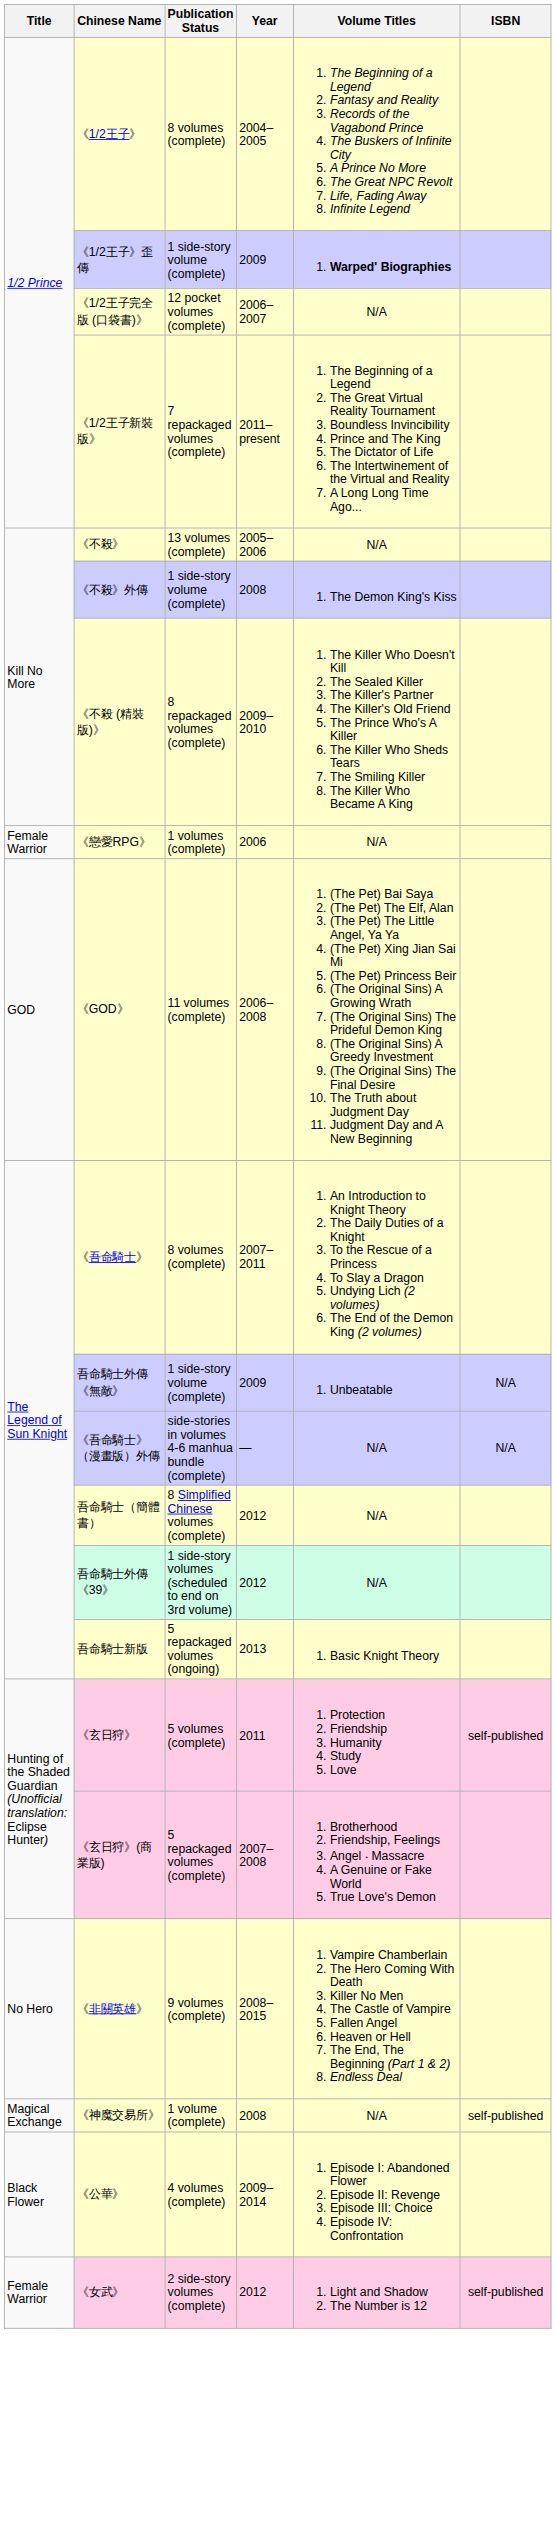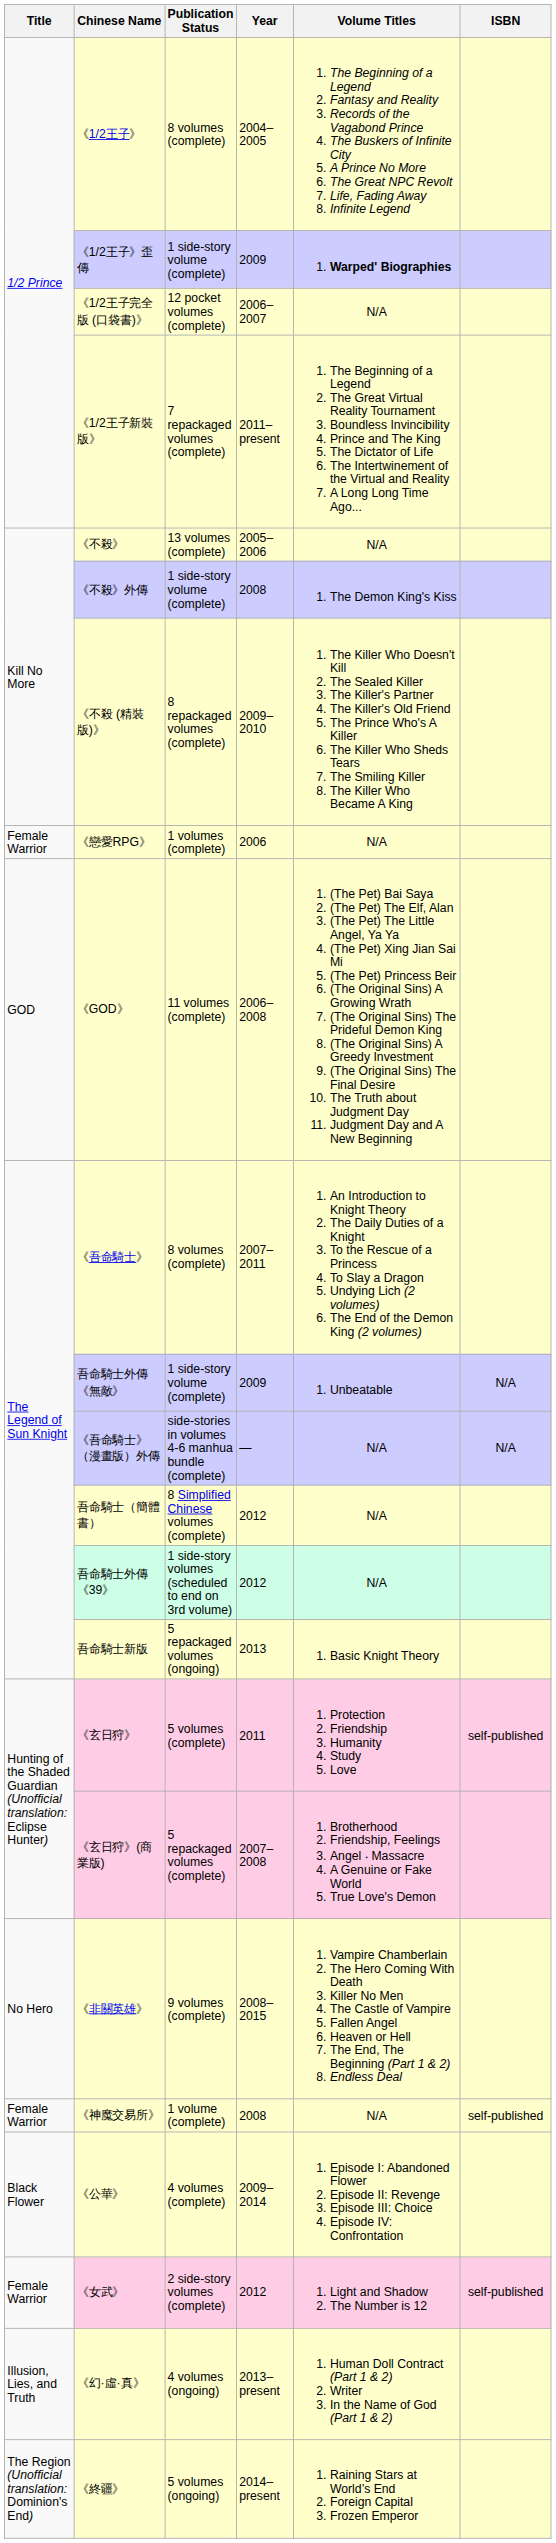 <table class="wikitable" style="font-size: 90%;">
 <tr>
 <th scope="col" width="75">Title</th>
 <th scope="col" width="100">Chinese Name</th>
 <th scope="col" width="60">Publication Status</th>
 <th scope="col" width="60">Year</th>
 <th scope="col" width="190">Volume Titles</th>
 <th scope="col" width="100">ISBN</th>
 </tr>
 <tr>
 <td rowspan=4><em><a href='#'>1/2 Prince</a></em></td>
 <td style="background:#FFFFCC">《<a href='#'>1/2王子</a>》</td>
 <td style="background:#FFFFCC">8 volumes (complete)</td>
 <td style="background:#FFFFCC">2004–2005</td>
 <td style="background:#FFFFCC"><br><ol><li><em>The Beginning of a Legend</em></li><li><em>Fantasy and Reality</em></li><li><em>Records of the Vagabond Prince</em></li><li><em>The Buskers of Infinite City</em></li><li><em>A Prince No More</em></li><li><em>The Great NPC Revolt</em></li><li><em>Life, Fading Away</em></li><li><em>Infinite Legend</em></li></ol></td>
 <td style="background:#FFFFCC"></td>
 </tr>
 <tr>
 <td style="background:#CCCCFF">《1/2王子》歪傳</td>
 <td style="background:#CCCCFF">1 side-story volume (complete)</td>
 <td style="background:#CCCCFF">2009</td>
 <td style="background:#CCCCFF"><br><ol><li><strong>Warped' Biographies<em></li></ol></td>
 <td style="background:#CCCCFF"></td>
 </tr>
 <tr>
 <td style="background:#FFFFCC">《1/2王子完全版 (口袋書)》</td>
 <td style="background:#FFFFCC">12 pocket volumes (complete)</td>
 <td style="background:#FFFFCC">2006–2007</td>
 <td style="background:#FFFFCC; color: black; vertical-align: middle; text-align:center;" class="automatic table-automatic">N/A</td>
 <td style="background: #FFFFCC"></td>
 </tr>
 <tr>
 <td style="background:#FFFFCC">《1/2王子新裝版》</td>
 <td style="background:#FFFFCC">7 repackaged volumes (complete)</td>
 <td style="background:#FFFFCC">2011–present</td>
 <td style="background:#FFFFCC"><br><ol><li></em>The Beginning of a Legend<em></li><li></em>The Great Virtual Reality Tournament<em></li><li></em>Boundless Invincibility<em></li><li></em>Prince and The King<em></li><li></em>The Dictator of Life<em></li><li></em>The Intertwinement of the Virtual and Reality<em></li><li></em>A Long Long Time Ago...<em></li></ol></td>
 <td style="background:#FFFFCC"></td>
 </tr>
 <tr>
 <td rowspan=3></em>Kill No More<em></td>
 <td style="background:#FFFFCC">《不殺》</td>
 <td style="background:#FFFFCC">13 volumes (complete)</td>
 <td style="background:#FFFFCC">2005–2006</td>
 <td style="background:#FFFFCC; color: black; vertical-align: middle; text-align:center;" class="automatic table-automatic">N/A</td>
 <td style="background:#FFFFCC"></td>
 </tr>
 <tr>
 <td style="background:#CCCCFF">《不殺》外傳</td>
 <td style="background:#CCCCFF">1 side-story volume (complete)</td>
 <td style="background:#CCCCFF">2008</td>
 <td style="background:#CCCCFF"><br><ol><li></em>The Demon King's Kiss<em></li></ol></td>
 <td style="background:#CCCCFF"></td>
 </tr>
 <tr>
 <td style="background:#FFFFCC">《不殺 (精裝版)》</td>
 <td style="background:#FFFFCC">8 repackaged volumes (complete)</td>
 <td style="background:#FFFFCC">2009–2010</td>
 <td style="background:#FFFFCC"><br><ol><li></em>The Killer Who Doesn't Kill<em></li><li></em>The Sealed Killer<em></li><li></em>The Killer's Partner<em></li><li></em>The Killer's Old Friend<em></li><li></em>The Prince Who's A Killer<em></li><li></em>The Killer Who Sheds Tears<em></li><li></em>The Smiling Killer<em></li><li></em>The Killer Who Became A King<em></li></ol></td>
 <td style="background:#FFFFCC"></td>
 </tr>
 <tr>
 <td></em>Female Warrior<em></td>
 <td style="background:#FFFFCC">《戀愛RPG》</td>
 <td style="background:#FFFFCC">1 volumes (complete)</td>
 <td style="background:#FFFFCC">2006</td>
 <td style="background:#FFFFCC; color: black; vertical-align: middle; text-align:center;" class="automatic table-automatic">N/A</td>
 <td style="background:#FFFFCC"></td>
 </tr>
 <tr>
 <td></em>GOD<em></td>
 <td style="background:#FFFFCC">《GOD》</td>
 <td style="background:#FFFFCC">11 volumes (complete)</td>
 <td style="background:#FFFFCC">2006–2008</td>
 <td style="background:#FFFFCC"><br><ol><li></em>(The Pet) Bai Saya<em></li><li></em>(The Pet) The Elf, Alan<em></li><li></em>(The Pet) The Little Angel, Ya Ya<em></li><li></em>(The Pet) Xing Jian Sai Mi<em></li><li></em>(The Pet) Princess Beir<em></li><li></em>(The Original Sins) A Growing Wrath<em></li><li></em>(The Original Sins) The Prideful Demon King<em></li><li></em>(The Original Sins) A Greedy Investment<em></li><li></em>(The Original Sins) The Final Desire<em></li><li></em>The Truth about Judgment Day<em></li><li></em>Judgment Day and A New Beginning<em></li></ol></td>
 <td style="background:#FFFFCC"></td>
 </tr>
 <tr>
 <td rowspan=6></em><a href='#'>The Legend of Sun Knight</a><em></td>
 <td style="background:#FFFFCC">《<a href='#'>吾命騎士</a>》</td>
 <td style="background:#FFFFCC">8 volumes (complete)</td>
 <td style="background:#FFFFCC">2007–2011</td>
 <td style="background:#FFFFCC"><br><ol><li></em>An Introduction to Knight Theory<em></li><li></em>The Daily Duties of a Knight<em></li><li></em>To the Rescue of a Princess<em></li><li></em>To Slay a Dragon<em></li><li></em>Undying Lich<em> (2 volumes)</li><li></em>The End of the Demon King<em> (2 volumes)</li></ol></td>
 <td style="background:#FFFFCC"></td>
 </tr>
 <tr>
 <td style="background:#CCCCFF">吾命騎士外傳《無敵》</td>
 <td style="background:#CCCCFF">1 side-story volume (complete)</td>
 <td style="background:#CCCCFF">2009</td>
 <td style="background:#CCCCFF"><br><ol><li></em>Unbeatable<em></li></ol></td>
 <td style="background:#CCCCFF; color: black; vertical-align: middle; text-align:center;" class="automatic table-automatic">N/A</td>
 </tr>
 <tr>
 <td style="background:#CCCCFF">《吾命騎士》（漫畫版）外傳</td>
 <td style="background:#CCCCFF">side-stories in volumes 4-6 manhua bundle (complete)</td>
 <td style="background:#CCCCFF">—</td>
 <td style="background:#CCCCFF; color: black; vertical-align: middle; text-align:center;" class="automatic table-automatic">N/A</td>
 <td style="background:#CCCCFF; color: black; vertical-align: middle; text-align:center;" class="automatic table-automatic">N/A</td>
 </tr>
 <tr>
 <td style="background:#FFFFCC">吾命騎士（簡體書）</td>
 <td style="background:#FFFFCC">8 <a href='#'>Simplified Chinese</a> volumes (complete)</td>
 <td style="background:#FFFFCC">2012</td>
 <td style="background:#FFFFCC; color: black; vertical-align: middle; text-align:center;" class="automatic table-automatic">N/A</td>
 <td style="background:#FFFFCC"></td>
 </tr>
 <tr>
 <td style="background:#CCFFE6">吾命騎士外傳《39》</td>
 <td style="background:#CCFFE6">1 side-story volumes (scheduled to end on 3rd volume)</td>
 <td style="background:#CCFFE6">2012</td>
 <td style="background:#CCFFE6; color: black; vertical-align: middle; text-align:center;" class="automatic table-automatic">N/A</td>
 <td style="background:#CCFFE6"></td>
 </tr>
 <tr>
 <td style="background:#FFFFCC">吾命騎士新版</td>
 <td style="background:#FFFFCC">5 repackaged volumes (ongoing)</td>
 <td style="background:#FFFFCC">2013</td>
 <td style="background:#FFFFCC"><br><ol><li></em>Basic Knight Theory<em></li></ol></td>
 <td style="background:#FFFFCC"></td>
 </tr>
 <tr>
 <td rowspan=2></em>Hunting of the Shaded Guardian<em><br>(Unofficial translation: </em>Eclipse Hunter<em>)</td>
 <td style="background:#FFCCE6">《玄日狩》</td>
 <td style="background:#FFCCE6">5 volumes (complete)</td>
 <td style="background:#FFCCE6">2011</td>
 <td style="background:#FFCCE6"><br><ol><li></em>Protection<em></li><li></em>Friendship<em></li><li></em>Humanity<em></li><li></em>Study<em></li><li></em>Love<em></li></ol></td>
 <td style="background:#FFCCE6; color: black; vertical-align: middle; text-align:center;" class="automatic table-automatic">self-published</td>
 </tr>
 <tr>
 <td style="background:#FFCCE6">《玄日狩》(商業版)</td>
 <td style="background:#FFCCE6">5 repackaged volumes (complete)</td>
 <td style="background:#FFCCE6">2007–2008</td>
 <td style="background:#FFCCE6"><br><ol><li></em>Brotherhood<em></li><li></em>Friendship, Feelings<em></li><li></em>Angel ‧ Massacre<em></li><li></em>A Genuine or Fake World<em></li><li></em>True Love's Demon<em></li></ol></td>
 <td style="background:#FFCCE6"></td>
 </tr>
 <tr>
 <td></em>No Hero<em></td>
 <td style="background:#FFFFCC">《<a href='#'>非關英雄</a>》</td>
 <td style="background:#FFFFCC">9 volumes (complete)</td>
 <td style="background:#FFFFCC">2008–2015</td>
 <td style="background:#FFFFCC"><br><ol><li></em>Vampire Chamberlain<em></li><li></em>The Hero Coming With Death<em></li><li></em>Killer No Men<em></li><li></em>The Castle of Vampire<em></li><li></em>Fallen Angel<em></li><li></em>Heaven or Hell<em></li><li></em>The End, The Beginning<em> (Part 1 & 2)</li><li>Endless Deal</li></ol></td>
 <td style="background:#FFFFCC"></td>
 </tr>
 <tr>
-<td></em>Magical Exchange<em></td>
+<td></em>Female Warrior<em></td>
 <td style="background:#FFFFCC">《神魔交易所》</td>
 <td style="background:#FFFFCC">1 volume (complete)</td>
 <td style="background:#FFFFCC">2008</td>
 <td style="background:#FFFFCC; color: black; vertical-align: middle; text-align:center;" class="automatic table-automatic">N/A</td>
 <td style="background:#FFFFCC; color: black; vertical-align: middle; text-align:center;" class="automatic table-automatic">self-published</td>
 </tr>
 <tr>
 <td></em>Black Flower<em></td>
 <td style="background:#FFFFCC">《公華》</td>
 <td style="background:#FFFFCC">4 volumes (complete)</td>
 <td style="background:#FFFFCC">2009–2014</td>
 <td style="background:#FFFFCC"><br><ol><li></em>Episode I: Abandoned Flower<em></li><li></em>Episode II: Revenge<em></li><li></em>Episode III: Choice<em></li><li></em>Episode IV: Confrontation<em></li></ol></td>
 <td style="background:#FFFFCC"></td>
 </tr>
 <tr>
 <td></em>Female Warrior<em></td>
 <td style="background:#FFCCE6">《女武》</td>
 <td style="background:#FFCCE6">2 side-story volumes (complete)</td>
 <td style="background:#FFCCE6">2012</td>
 <td style="background:#FFCCE6"><br><ol><li></em>Light and Shadow<em></li><li></em>The Number is 12<em></li></ol></td>
 <td style="background:#FFCCE6; color: black; vertical-align: middle; text-align:center;" class="automatic table-automatic">self-published</td>
 </tr>
+<tr>
+<td></em>Illusion, Lies, and Truth<em></td>
+<td style="background:#FFFFCC">《幻·虛·真》</td>
+<td style="background:#FFFFCC">4 volumes (ongoing)</td>
+<td style="background:#FFFFCC">2013–present</td>
+<td style="background:#FFFFCC"><br><ol><li></em>Human Doll Contract<em> (Part 1 & 2)</li><li></em>Writer<em></li><li></em>In the Name of God<em> (Part 1 & 2)</li></ol></td>
+<td style="background:#FFFFCC"></td>
+</tr>
+<tr>
+<td></em>The Region<em> (Unofficial translation: </em>Dominion's End<em>)</td>
+<td style="background:#FFFFCC">《終疆》</td>
+<td style="background:#FFFFCC">5 volumes (ongoing)</td>
+<td style="background:#FFFFCC">2014–present</td>
+<td style="background:#FFFFCC"><br><ol><li></em>Raining Stars at World’s End<em></li><li></em>Foreign Capital<em></li><li></em>Frozen Emperor<em></li></ol></td>
+<td style="background:#FFFFCC"></td>
+</tr>
 </table>
